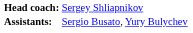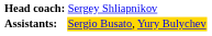 <table>
 <tr>
 <td><strong>Head coach:</strong></td>
 <td><a href='#'>Sergey Shliapnikov</a></td>
 </tr>
 <tr>
 <td><strong>Assistants:</strong></td>
-<td><a href='#'>Sergio Busato</a>, <a href='#'>Yury Bulychev</a></td>
+<td style="background: gold;"><a href='#'>Sergio Busato</a>, <a href='#'>Yury Bulychev</a></td>
 </tr>
 </table>
